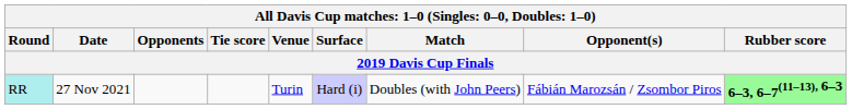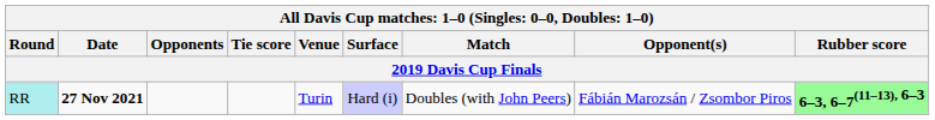 <table class="wikitable" style=font-size:96%>
 <tr>
 <th colspan="9">All Davis Cup matches: 1–0 (Singles: 0–0, Doubles: 1–0)</th>
 </tr>
 <tr>
 <th>Round</th>
 <th>Date</th>
 <th>Opponents</th>
 <th>Tie score</th>
 <th>Venue</th>
 <th>Surface</th>
 <th>Match</th>
 <th>Opponent(s)</th>
 <th>Rubber score</th>
 </tr>
 <tr>
 <th colspan="9"><a href='#'>2019 Davis Cup Finals</a></th>
 </tr>
 <tr>
 <td bgcolor="afeeee">RR</td>
-<td>27 Nov 2021</td>
+<td><strong>27 Nov 2021</strong></td>
 <td></td>
 <td></td>
 <td><a href='#'>Turin</a></td>
 <td style="text-align:center; background:#ccf;">Hard (i)</td>
 <td>Doubles (with <a href='#'>John Peers</a>)</td>
 <td><a href='#'>Fábián Marozsán</a> / <a href='#'>Zsombor Piros</a></td>
 <td bgcolor="98fb98"><strong>6–3, 6–7<sup>(11–13), <big>6–3</big></sup></strong></td>
 </tr>
 </table>
